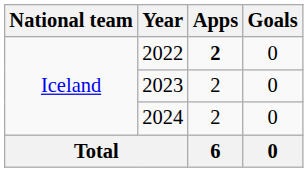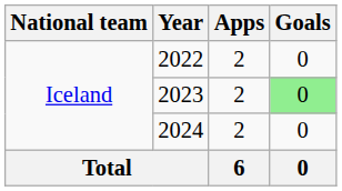 <table class="wikitable" style="text-align:center">
 <tr>
 <th>National team</th>
 <th>Year</th>
 <th>Apps</th>
 <th>Goals</th>
 </tr>
 <tr>
 <td rowspan=3><a href='#'>Iceland</a></td>
 <td>2022</td>
-<td><strong>2</strong></td>
+<td>2</td>
 <td>0</td>
 </tr>
 <tr>
 <td>2023</td>
 <td>2</td>
-<td>0</td>
+<td style="background: lightgreen;">0</td>
 </tr>
 <tr>
 <td>2024</td>
 <td>2</td>
 <td>0</td>
 </tr>
 <tr>
 <th colspan="2">Total</th>
 <th>6</th>
 <th>0</th>
 </tr>
 </table>
